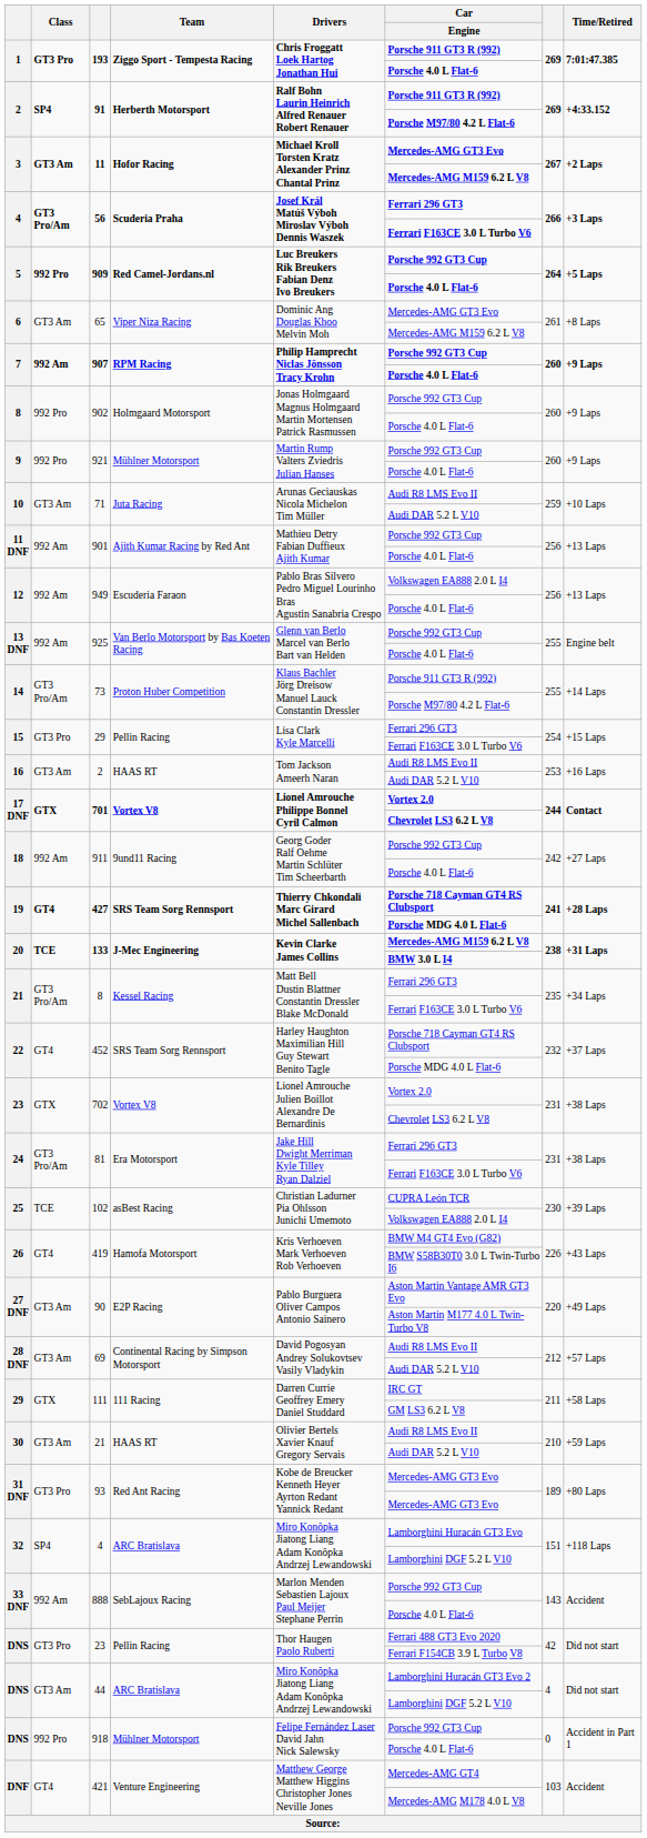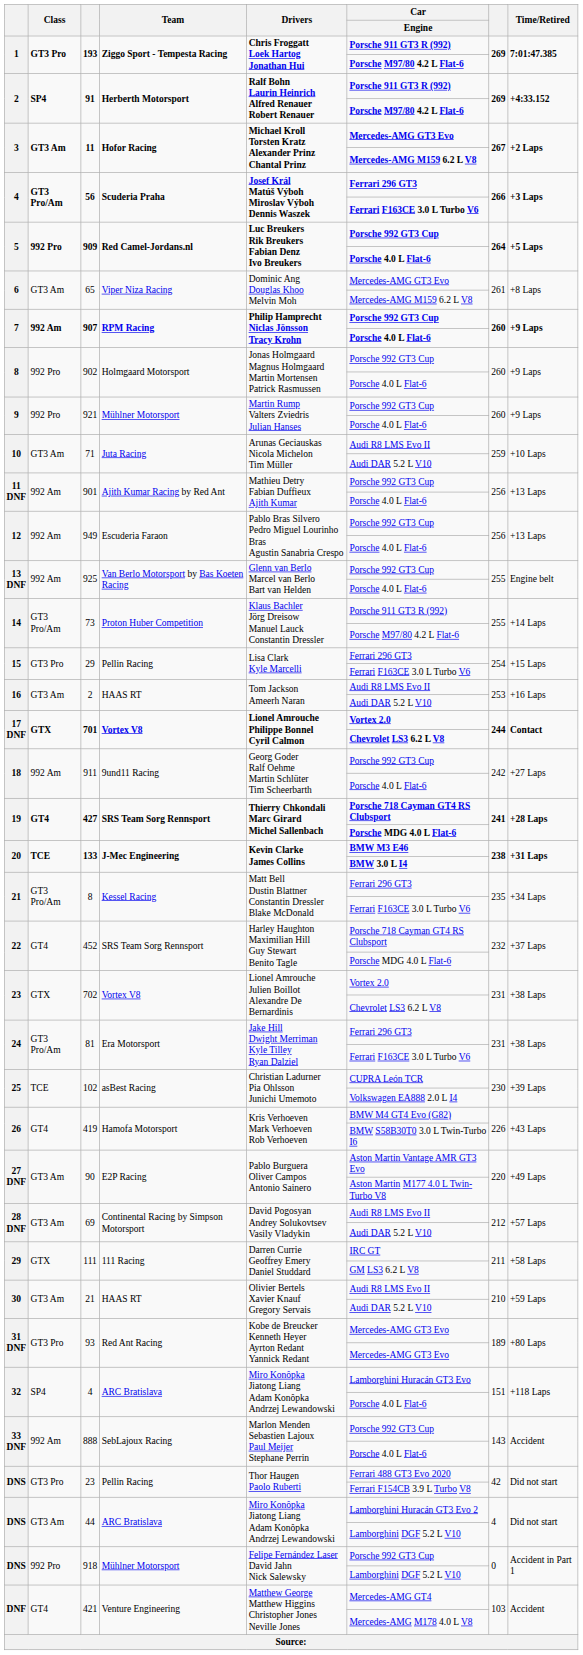 <table class="wikitable" style="font-size:90%;">
 <tr>
 <th rowspan="2"></th>
 <th rowspan="2">Class</th>
 <th rowspan="2"></th>
 <th rowspan="2">Team</th>
 <th rowspan="2">Drivers</th>
 <th>Car</th>
 <th rowspan="2"></th>
 <th rowspan="2">Time/Retired</th>
 </tr>
 <tr>
 <th>Engine</th>
 </tr>
 <tr>
 <th rowspan="2">1</th>
 <td rowspan="2"><strong>GT3 Pro</strong></td>
 <td rowspan="2" align="center"><strong>193</strong></td>
 <td rowspan="2"><strong> Ziggo Sport - Tempesta Racing</strong></td>
 <td rowspan="2"><strong> Chris Froggatt<br> <a href='#'>Loek Hartog</a><br> <a href='#'>Jonathan Hui</a></strong></td>
 <td><a href='#'><strong>Porsche 911 GT3 R (992)</strong></a></td>
 <td rowspan="2"><strong>269</strong></td>
 <td rowspan="2"><strong>7:01:47.385</strong></td>
 </tr>
 <tr>
-<td><strong><a href='#'>Porsche</a> 4.0 L <a href='#'>Flat-6</a></strong></td>
+<td><strong><a href='#'>Porsche</a> <a href='#'>M97/80</a> 4.2 L <a href='#'>Flat-6</a></strong></td>
 </tr>
 <tr>
 <th rowspan="2">2</th>
 <td rowspan="2"><strong>SP4</strong></td>
 <td rowspan="2" align="center"><strong>91</strong></td>
 <td rowspan="2"><strong> Herberth Motorsport</strong></td>
 <td rowspan="2"><strong> Ralf Bohn<br> <a href='#'>Laurin Heinrich</a><br> Alfred Renauer<br> Robert Renauer</strong></td>
 <td><a href='#'><strong>Porsche 911 GT3 R (992)</strong></a></td>
 <td rowspan="2"><strong>269</strong></td>
 <td rowspan="2"><strong>+4:33.152</strong></td>
 </tr>
 <tr>
 <td><strong><a href='#'>Porsche</a> <a href='#'>M97/80</a> 4.2 L <a href='#'>Flat-6</a></strong></td>
 </tr>
 <tr>
 <th rowspan="2">3</th>
 <td rowspan="2"><strong>GT3 Am</strong></td>
 <td rowspan="2" align="center"><strong>11</strong></td>
 <td rowspan="2"><strong> Hofor Racing</strong></td>
 <td rowspan="2"><strong> Michael Kroll<br> Torsten Kratz<br> Alexander Prinz<br> Chantal Prinz</strong></td>
 <td><a href='#'><strong>Mercedes-AMG GT3 Evo</strong></a></td>
 <td rowspan="2"><strong>267</strong></td>
 <td rowspan="2"><strong>+2 Laps</strong></td>
 </tr>
 <tr>
 <td><strong><a href='#'>Mercedes-AMG M159</a> 6.2 L <a href='#'>V8</a></strong></td>
 </tr>
 <tr>
 <th rowspan="2">4</th>
 <td rowspan="2"><strong>GT3 Pro/Am</strong></td>
 <td rowspan="2" align="center"><strong>56</strong></td>
 <td rowspan="2"><strong> Scuderia Praha</strong></td>
 <td rowspan="2"><strong> <a href='#'>Josef Král</a><br> Matúš Výboh<br> Miroslav Výboh<br> Dennis Waszek</strong></td>
 <td><a href='#'><strong>Ferrari 296 GT3</strong></a></td>
 <td rowspan="2"><strong>266</strong></td>
 <td rowspan="2"><strong>+3 Laps</strong></td>
 </tr>
 <tr>
 <td><strong><a href='#'>Ferrari</a> <a href='#'>F163CE</a> 3.0 L Turbo <a href='#'>V6</a></strong></td>
 </tr>
 <tr>
 <th rowspan="2">5</th>
 <td rowspan="2"><strong>992 Pro</strong></td>
 <td rowspan="2" align="center"><strong>909</strong></td>
 <td rowspan="2"><strong> Red Camel-Jordans.nl</strong></td>
 <td rowspan="2"><strong> Luc Breukers<br> Rik Breukers<br> Fabian Denz<br> Ivo Breukers</strong></td>
 <td><a href='#'><strong>Porsche 992 GT3 Cup</strong></a></td>
 <td rowspan="2"><strong>264</strong></td>
 <td rowspan="2"><strong>+5 Laps</strong></td>
 </tr>
 <tr>
 <td><strong><a href='#'>Porsche</a> 4.0 L <a href='#'>Flat-6</a></strong></td>
 </tr>
 <tr>
 <th rowspan="2">6</th>
 <td rowspan="2">GT3 Am</td>
 <td rowspan="2" align="center">65</td>
 <td rowspan="2"> <a href='#'>Viper Niza Racing</a></td>
 <td rowspan="2"> Dominic Ang<br> <a href='#'>Douglas Khoo</a><br> Melvin Moh</td>
 <td><a href='#'>Mercedes-AMG GT3 Evo</a></td>
 <td rowspan="2">261</td>
 <td rowspan="2">+8 Laps</td>
 </tr>
 <tr>
 <td><a href='#'>Mercedes-AMG M159</a> 6.2 L <a href='#'>V8</a></td>
 </tr>
 <tr>
 <th rowspan="2">7</th>
 <td rowspan="2"><strong>992 Am</strong></td>
 <td rowspan="2" align="center"><strong>907</strong></td>
 <td rowspan="2"><strong> <a href='#'>RPM Racing</a></strong></td>
 <td rowspan="2"><strong> Philip Hamprecht<br> <a href='#'>Niclas Jönsson</a><br> <a href='#'>Tracy Krohn</a></strong></td>
 <td><a href='#'><strong>Porsche 992 GT3 Cup</strong></a></td>
 <td rowspan="2"><strong>260</strong></td>
 <td rowspan="2"><strong>+9 Laps</strong></td>
 </tr>
 <tr>
 <td><strong><a href='#'>Porsche</a> 4.0 L <a href='#'>Flat-6</a></strong></td>
 </tr>
 <tr>
 <th rowspan="2">8</th>
 <td rowspan="2">992 Pro</td>
 <td rowspan="2" align="center">902</td>
 <td rowspan="2"> Holmgaard Motorsport</td>
 <td rowspan="2"> Jonas Holmgaard<br> Magnus Holmgaard<br> Martin Mortensen<br> Patrick Rasmussen</td>
 <td><a href='#'>Porsche 992 GT3 Cup</a></td>
 <td rowspan="2">260</td>
 <td rowspan="2">+9 Laps</td>
 </tr>
 <tr>
 <td><a href='#'>Porsche</a> 4.0 L <a href='#'>Flat-6</a></td>
 </tr>
 <tr>
 <th rowspan="2">9</th>
 <td rowspan="2">992 Pro</td>
 <td rowspan="2" align="center">921</td>
 <td rowspan="2"> <a href='#'>Mühlner Motorsport</a></td>
 <td rowspan="2"> <a href='#'>Martin Rump</a><br> Valters Zviedris<br> <a href='#'>Julian Hanses</a></td>
 <td><a href='#'>Porsche 992 GT3 Cup</a></td>
 <td rowspan="2">260</td>
 <td rowspan="2">+9 Laps</td>
 </tr>
 <tr>
 <td><a href='#'>Porsche</a> 4.0 L <a href='#'>Flat-6</a></td>
 </tr>
 <tr>
 <th rowspan="2">10</th>
 <td rowspan="2">GT3 Am</td>
 <td rowspan="2" align="center">71</td>
 <td rowspan="2"> <a href='#'>Juta Racing</a></td>
 <td rowspan="2"> Arunas Geciauskas<br> Nicola Michelon<br> Tim Müller</td>
 <td><a href='#'>Audi R8 LMS Evo II</a></td>
 <td rowspan="2">259</td>
 <td rowspan="2">+10 Laps</td>
 </tr>
 <tr>
 <td><a href='#'>Audi DAR</a> 5.2 L <a href='#'>V10</a></td>
 </tr>
 <tr>
 <th rowspan="2">11<br>DNF</th>
 <td rowspan="2">992 Am</td>
 <td rowspan="2" align="center">901</td>
 <td rowspan="2"> <a href='#'>Ajith Kumar Racing</a> by Red Ant</td>
 <td rowspan="2"> Mathieu Detry<br> Fabian Duffieux<br> <a href='#'>Ajith Kumar</a></td>
 <td><a href='#'>Porsche 992 GT3 Cup</a></td>
 <td rowspan="2">256</td>
 <td rowspan="2">+13 Laps</td>
 </tr>
 <tr>
 <td><a href='#'>Porsche</a> 4.0 L <a href='#'>Flat-6</a></td>
 </tr>
 <tr>
 <th rowspan="2">12</th>
 <td rowspan="2">992 Am</td>
 <td rowspan="2" align="center">949</td>
 <td rowspan="2"> Escuderia Faraon</td>
 <td rowspan="2"> Pablo Bras Silvero<br> Pedro Miguel Lourinho Bras<br> Agustin Sanabria Crespo</td>
-<td><a href='#'>Volkswagen EA888</a> 2.0 L <a href='#'>I4</a></td>
+<td><a href='#'>Porsche 992 GT3 Cup</a></td>
 <td rowspan="2">256</td>
 <td rowspan="2">+13 Laps</td>
 </tr>
 <tr>
 <td><a href='#'>Porsche</a> 4.0 L <a href='#'>Flat-6</a></td>
 </tr>
 <tr>
 <th rowspan="2">13<br>DNF</th>
 <td rowspan="2">992 Am</td>
 <td rowspan="2" align="center">925</td>
 <td rowspan="2"> <a href='#'>Van Berlo Motorsport</a> by <a href='#'>Bas Koeten Racing</a></td>
 <td rowspan="2"> <a href='#'>Glenn van Berlo</a><br> Marcel van Berlo<br> Bart van Helden</td>
 <td><a href='#'>Porsche 992 GT3 Cup</a></td>
 <td rowspan="2">255</td>
 <td rowspan="2">Engine belt</td>
 </tr>
 <tr>
 <td><a href='#'>Porsche</a> 4.0 L <a href='#'>Flat-6</a></td>
 </tr>
 <tr>
 <th rowspan="2">14</th>
 <td rowspan="2">GT3 Pro/Am</td>
 <td rowspan="2" align="center">73</td>
 <td rowspan="2"> <a href='#'>Proton Huber Competition</a></td>
 <td rowspan="2"> <a href='#'>Klaus Bachler</a><br> Jörg Dreisow<br> Manuel Lauck<br> Constantin Dressler</td>
 <td><a href='#'>Porsche 911 GT3 R (992)</a></td>
 <td rowspan="2">255</td>
 <td rowspan="2">+14 Laps</td>
 </tr>
 <tr>
 <td><a href='#'>Porsche</a> <a href='#'>M97/80</a> 4.2 L <a href='#'>Flat-6</a></td>
 </tr>
 <tr>
 <th rowspan="2">15</th>
 <td rowspan="2">GT3 Pro</td>
 <td rowspan="2" align="center">29</td>
 <td rowspan="2"> Pellin Racing</td>
 <td rowspan="2"> Lisa Clark<br> <a href='#'>Kyle Marcelli</a></td>
 <td><a href='#'>Ferrari 296 GT3</a></td>
 <td rowspan="2">254</td>
 <td rowspan="2">+15 Laps</td>
 </tr>
 <tr>
 <td><a href='#'>Ferrari</a> <a href='#'>F163CE</a> 3.0 L Turbo <a href='#'>V6</a></td>
 </tr>
 <tr>
 <th rowspan="2">16</th>
 <td rowspan="2">GT3 Am</td>
 <td rowspan="2" align="center">2</td>
 <td rowspan="2"> HAAS RT</td>
 <td rowspan="2"> Tom Jackson<br> Ameerh Naran</td>
 <td><a href='#'>Audi R8 LMS Evo II</a></td>
 <td rowspan="2">253</td>
 <td rowspan="2">+16 Laps</td>
 </tr>
 <tr>
 <td><a href='#'>Audi DAR</a> 5.2 L <a href='#'>V10</a></td>
 </tr>
 <tr>
 <th rowspan="2">17<br>DNF</th>
 <td rowspan="2"><strong>GTX</strong></td>
 <td rowspan="2" align="center"><strong>701</strong></td>
 <td rowspan="2"><strong> <a href='#'>Vortex V8</a></strong></td>
 <td rowspan="2"><strong> Lionel Amrouche<br> Philippe Bonnel<br> Cyril Calmon</strong></td>
 <td><a href='#'><strong>Vortex 2.0</strong></a></td>
 <td rowspan="2"><strong>244</strong></td>
 <td rowspan="2"><strong>Contact</strong></td>
 </tr>
 <tr>
 <td><strong><a href='#'>Chevrolet</a> <a href='#'>LS3</a> 6.2 L <a href='#'>V8</a></strong></td>
 </tr>
 <tr>
 <th rowspan="2">18</th>
 <td rowspan="2">992 Am</td>
 <td rowspan="2" align="center">911</td>
 <td rowspan="2"> 9und11 Racing</td>
 <td rowspan="2"> Georg Goder<br> Ralf Oehme<br> Martin Schlüter<br> Tim Scheerbarth</td>
 <td><a href='#'>Porsche 992 GT3 Cup</a></td>
 <td rowspan="2">242</td>
 <td rowspan="2">+27 Laps</td>
 </tr>
 <tr>
 <td><a href='#'>Porsche</a> 4.0 L <a href='#'>Flat-6</a></td>
 </tr>
 <tr>
 <th rowspan="2">19</th>
 <td rowspan="2"><strong>GT4</strong></td>
 <td rowspan="2" align="center"><strong>427</strong></td>
 <td rowspan="2"><strong> SRS Team Sorg Rennsport</strong></td>
 <td rowspan="2"><strong> Thierry Chkondali<br> Marc Girard<br> Michel Sallenbach</strong></td>
 <td><a href='#'><strong>Porsche 718 Cayman GT4 RS Clubsport</strong></a></td>
 <td rowspan="2"><strong>241</strong></td>
 <td rowspan="2"><strong>+28 Laps</strong></td>
 </tr>
 <tr>
 <td><strong><a href='#'>Porsche</a> MDG 4.0 L <a href='#'>Flat-6</a></strong></td>
 </tr>
 <tr>
 <th rowspan="2">20</th>
 <td rowspan="2"><strong>TCE</strong></td>
 <td rowspan="2" align="center"><strong>133</strong></td>
 <td rowspan="2"><strong> J-Mec Engineering</strong></td>
 <td rowspan="2"><strong> Kevin Clarke<br> James Collins</strong></td>
-<td><strong><a href='#'>Mercedes-AMG M159</a> 6.2 L <a href='#'>V8</a></strong></td>
+<td><a href='#'><strong>BMW M3 E46</strong></a></td>
 <td rowspan="2"><strong>238</strong></td>
 <td rowspan="2"><strong>+31 Laps</strong></td>
 </tr>
 <tr>
 <td><strong><a href='#'>BMW</a> 3.0 L <a href='#'>I4</a></strong></td>
 </tr>
 <tr>
 <th rowspan="2">21</th>
 <td rowspan="2">GT3 Pro/Am</td>
 <td rowspan="2" align="center">8</td>
 <td rowspan="2">  <a href='#'>Kessel Racing</a></td>
 <td rowspan="2"> Matt Bell<br> Dustin Blattner<br> Constantin Dressler<br> Blake McDonald</td>
 <td><a href='#'>Ferrari 296 GT3</a></td>
 <td rowspan="2">235</td>
 <td rowspan="2">+34 Laps</td>
 </tr>
 <tr>
 <td><a href='#'>Ferrari</a> <a href='#'>F163CE</a> 3.0 L Turbo <a href='#'>V6</a></td>
 </tr>
 <tr>
 <th rowspan="2">22</th>
 <td rowspan="2">GT4</td>
 <td rowspan="2" align="center">452</td>
 <td rowspan="2"> SRS Team Sorg Rennsport</td>
 <td rowspan="2"> Harley Haughton<br> Maximilian Hill<br> Guy Stewart<br> Benito Tagle</td>
 <td><a href='#'>Porsche 718 Cayman GT4 RS Clubsport</a></td>
 <td rowspan="2">232</td>
 <td rowspan="2">+37 Laps</td>
 </tr>
 <tr>
 <td><a href='#'>Porsche</a> MDG 4.0 L <a href='#'>Flat-6</a></td>
 </tr>
 <tr>
 <th rowspan="2">23</th>
 <td rowspan="2">GTX</td>
 <td rowspan="2" align="center">702</td>
 <td rowspan="2"> <a href='#'>Vortex V8</a></td>
 <td rowspan="2"> Lionel Amrouche<br> Julien Boillot<br> Alexandre De Bernardinis</td>
 <td><a href='#'>Vortex 2.0</a></td>
 <td rowspan="2">231</td>
 <td rowspan="2">+38 Laps</td>
 </tr>
 <tr>
 <td><a href='#'>Chevrolet</a> <a href='#'>LS3</a> 6.2 L <a href='#'>V8</a></td>
 </tr>
 <tr>
 <th rowspan="2">24</th>
 <td rowspan="2">GT3 Pro/Am</td>
 <td rowspan="2" align="center">81</td>
 <td rowspan="2"> Era Motorsport</td>
 <td rowspan="2"> <a href='#'>Jake Hill</a><br> <a href='#'>Dwight Merriman</a><br> <a href='#'>Kyle Tilley</a><br> <a href='#'>Ryan Dalziel</a></td>
 <td><a href='#'>Ferrari 296 GT3</a></td>
 <td rowspan="2">231</td>
 <td rowspan="2">+38 Laps</td>
 </tr>
 <tr>
 <td><a href='#'>Ferrari</a> <a href='#'>F163CE</a> 3.0 L Turbo <a href='#'>V6</a></td>
 </tr>
 <tr>
 <th rowspan="2">25</th>
 <td rowspan="2">TCE</td>
 <td rowspan="2" align="center">102</td>
 <td rowspan="2"> asBest Racing</td>
 <td rowspan="2"> Christian Ladurner<br> Pia Ohlsson<br> Junichi Umemoto</td>
 <td><a href='#'>CUPRA León TCR</a></td>
 <td rowspan="2">230</td>
 <td rowspan="2">+39 Laps</td>
 </tr>
 <tr>
 <td><a href='#'>Volkswagen EA888</a> 2.0 L <a href='#'>I4</a></td>
 </tr>
 <tr>
 <th rowspan="2">26</th>
 <td rowspan="2">GT4</td>
 <td rowspan="2" align="center">419</td>
 <td rowspan="2"> Hamofa Motorsport</td>
 <td rowspan="2"> Kris Verhoeven<br> Mark Verhoeven<br> Rob Verhoeven</td>
 <td><a href='#'>BMW M4 GT4 Evo (G82)</a></td>
 <td rowspan="2">226</td>
 <td rowspan="2">+43 Laps</td>
 </tr>
 <tr>
 <td><a href='#'>BMW</a> <a href='#'>S58B30T0</a> 3.0 L Twin-Turbo <a href='#'>I6</a></td>
 </tr>
 <tr>
 <th rowspan="2">27<br>DNF</th>
 <td rowspan="2">GT3 Am</td>
 <td rowspan="2" align="center">90</td>
 <td rowspan="2"> E2P Racing</td>
 <td rowspan="2"> Pablo Burguera<br> Oliver Campos<br> Antonio Sainero</td>
 <td><a href='#'>Aston Martin Vantage AMR GT3 Evo</a></td>
 <td rowspan="2">220</td>
 <td rowspan="2">+49 Laps</td>
 </tr>
 <tr>
 <td><a href='#'>Aston Martin</a> <a href='#'>M177 4.0 L Twin-Turbo V8</a></td>
 </tr>
 <tr>
 <th rowspan="2">28<br>DNF</th>
 <td rowspan="2">GT3 Am</td>
 <td rowspan="2" align="center">69</td>
 <td rowspan="2"> Continental Racing by Simpson Motorsport</td>
 <td rowspan="2"> David Pogosyan<br> Andrey Solukovtsev<br> Vasily Vladykin</td>
 <td><a href='#'>Audi R8 LMS Evo II</a></td>
 <td rowspan="2">212</td>
 <td rowspan="2">+57 Laps</td>
 </tr>
 <tr>
 <td><a href='#'>Audi DAR</a> 5.2 L <a href='#'>V10</a></td>
 </tr>
 <tr>
 <th rowspan="2">29</th>
 <td rowspan="2">GTX</td>
 <td rowspan="2" align="center">111</td>
 <td rowspan="2"> 111 Racing</td>
 <td rowspan="2"> Darren Currie<br> Geoffrey Emery<br> Daniel Studdard</td>
 <td><a href='#'>IRC GT</a></td>
 <td rowspan="2">211</td>
 <td rowspan="2">+58 Laps</td>
 </tr>
 <tr>
 <td><a href='#'>GM</a> <a href='#'>LS3</a> 6.2 L <a href='#'>V8</a></td>
 </tr>
 <tr>
 <th rowspan="2">30</th>
 <td rowspan="2">GT3 Am</td>
 <td rowspan="2" align="center">21</td>
 <td rowspan="2"> HAAS RT</td>
 <td rowspan="2"> Olivier Bertels<br> Xavier Knauf<br> Gregory Servais</td>
 <td><a href='#'>Audi R8 LMS Evo II</a></td>
 <td rowspan="2">210</td>
 <td rowspan="2">+59 Laps</td>
 </tr>
 <tr>
 <td><a href='#'>Audi DAR</a> 5.2 L <a href='#'>V10</a></td>
 </tr>
 <tr>
 <th rowspan="2">31<br>DNF</th>
 <td rowspan="2">GT3 Pro</td>
 <td rowspan="2" align="center">93</td>
 <td rowspan="2"> Red Ant Racing</td>
 <td rowspan="2"> Kobe de Breucker<br> Kenneth Heyer<br> Ayrton Redant<br> Yannick Redant</td>
 <td><a href='#'>Mercedes-AMG GT3 Evo</a></td>
 <td rowspan="2">189</td>
 <td rowspan="2">+80 Laps</td>
 </tr>
 <tr>
 <td><a href='#'>Mercedes-AMG GT3 Evo</a></td>
 </tr>
 <tr>
 <th rowspan="2">32</th>
 <td rowspan="2">SP4</td>
 <td rowspan="2" align="center">4</td>
 <td rowspan="2"> <a href='#'>ARC Bratislava</a></td>
 <td rowspan="2"> <a href='#'>Miro Konôpka</a><br> Jiatong Liang<br> Adam Konôpka<br> Andrzej Lewandowski</td>
 <td><a href='#'>Lamborghini Huracán GT3 Evo</a></td>
 <td rowspan="2">151</td>
 <td rowspan="2">+118 Laps</td>
 </tr>
 <tr>
-<td><a href='#'>Lamborghini</a> <a href='#'>DGF</a> 5.2 L <a href='#'>V10</a></td>
+<td><a href='#'>Porsche</a> 4.0 L <a href='#'>Flat-6</a></td>
 </tr>
 <tr>
 <th rowspan="2">33<br>DNF</th>
 <td rowspan="2">992 Am</td>
 <td rowspan="2" align="center">888</td>
 <td rowspan="2"> SebLajoux Racing</td>
 <td rowspan="2"> Marlon Menden<br> Sebastien Lajoux<br> <a href='#'>Paul Meijer</a><br> Stephane Perrin</td>
 <td><a href='#'>Porsche 992 GT3 Cup</a></td>
 <td rowspan="2">143</td>
 <td rowspan="2">Accident</td>
 </tr>
 <tr>
 <td><a href='#'>Porsche</a> 4.0 L <a href='#'>Flat-6</a></td>
 </tr>
 <tr>
 <th rowspan="2">DNS</th>
 <td rowspan="2">GT3 Pro</td>
 <td rowspan="2" align="center">23</td>
 <td rowspan="2"> Pellin Racing</td>
 <td rowspan="2"> Thor Haugen<br> <a href='#'>Paolo Ruberti</a></td>
 <td><a href='#'>Ferrari 488 GT3 Evo 2020</a></td>
 <td rowspan="2">42</td>
 <td rowspan="2">Did not start</td>
 </tr>
 <tr>
 <td><a href='#'>Ferrari F154CB</a> 3.9 L <a href='#'>Turbo</a> <a href='#'>V8</a></td>
 </tr>
 <tr>
 <th rowspan="2">DNS</th>
 <td rowspan="2">GT3 Am</td>
 <td rowspan="2" align="center">44</td>
 <td rowspan="2"> <a href='#'>ARC Bratislava</a></td>
 <td rowspan="2"> <a href='#'>Miro Konôpka</a><br> Jiatong Liang<br> Adam Konôpka<br> Andrzej Lewandowski</td>
 <td><a href='#'>Lamborghini Huracán GT3 Evo 2</a></td>
 <td rowspan="2">4</td>
 <td rowspan="2">Did not start</td>
 </tr>
 <tr>
 <td><a href='#'>Lamborghini</a> <a href='#'>DGF</a> 5.2 L <a href='#'>V10</a></td>
 </tr>
 <tr>
 <th rowspan="2">DNS</th>
 <td rowspan="2">992 Pro</td>
 <td rowspan="2" align="center">918</td>
 <td rowspan="2"> <a href='#'>Mühlner Motorsport</a></td>
 <td rowspan="2"> <a href='#'>Felipe Fernández Laser</a><br> David Jahn<br> Nick Salewsky</td>
 <td><a href='#'>Porsche 992 GT3 Cup</a></td>
 <td rowspan="2">0</td>
 <td rowspan="2">Accident in Part 1</td>
 </tr>
 <tr>
-<td><a href='#'>Porsche</a> 4.0 L <a href='#'>Flat-6</a></td>
+<td><a href='#'>Lamborghini</a> <a href='#'>DGF</a> 5.2 L <a href='#'>V10</a></td>
 </tr>
 <tr>
 <th rowspan="2">DNF</th>
 <td rowspan="2">GT4</td>
 <td rowspan="2" align="center">421</td>
 <td rowspan="2"> Venture Engineering</td>
 <td rowspan="2"> <a href='#'>Matthew George</a><br> Matthew Higgins<br> Christopher Jones<br> Neville Jones</td>
 <td><a href='#'>Mercedes-AMG GT4</a></td>
 <td rowspan="2">103</td>
 <td rowspan="2">Accident</td>
 </tr>
 <tr>
 <td><a href='#'>Mercedes-AMG</a> <a href='#'>M178</a> 4.0 L <a href='#'>V8</a></td>
 </tr>
 <tr>
 <th colspan="8">Source:</th>
 </tr>
 </table>
